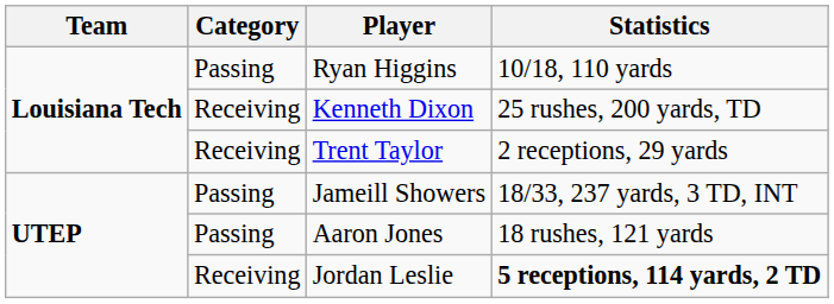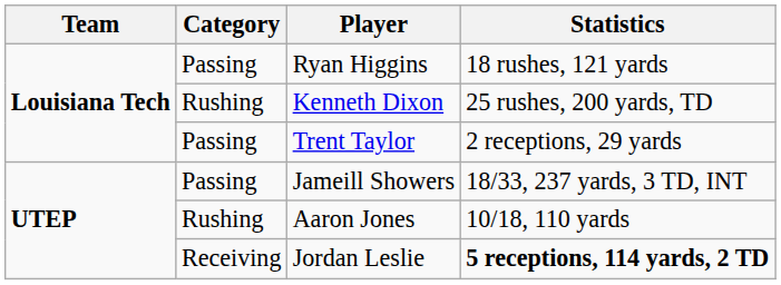 <table class="wikitable" style="float: left;">
 <tr>
 <th>Team</th>
 <th>Category</th>
 <th>Player</th>
 <th>Statistics</th>
 </tr>
 <tr>
 <td rowspan=3><strong>Louisiana Tech</strong></td>
 <td>Passing</td>
 <td>Ryan Higgins</td>
-<td>10/18, 110 yards</td>
+<td>18 rushes, 121 yards</td>
 </tr>
 <tr>
-<td>Receiving</td>
+<td>Rushing</td>
 <td><a href='#'>Kenneth Dixon</a></td>
 <td>25 rushes, 200 yards, TD</td>
 </tr>
 <tr>
-<td>Receiving</td>
+<td>Passing</td>
 <td><a href='#'>Trent Taylor</a></td>
 <td>2 receptions, 29 yards</td>
 </tr>
 <tr>
 <td rowspan=3><strong>UTEP</strong></td>
 <td>Passing</td>
 <td>Jameill Showers</td>
 <td>18/33, 237 yards, 3 TD, INT</td>
 </tr>
 <tr>
-<td>Passing</td>
+<td>Rushing</td>
 <td>Aaron Jones</td>
-<td>18 rushes, 121 yards</td>
+<td>10/18, 110 yards</td>
 </tr>
 <tr>
 <td>Receiving</td>
 <td>Jordan Leslie</td>
 <td><strong>5 receptions, 114 yards, 2 TD</strong></td>
 </tr>
 </table>
